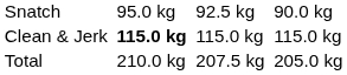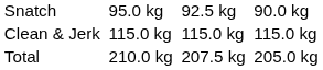 <table>
 <tr>
 <td>Snatch</td>
 <td></td>
 <td>95.0 kg</td>
 <td></td>
 <td>92.5 kg</td>
 <td></td>
 <td>90.0 kg</td>
 </tr>
 <tr>
 <td>Clean & Jerk</td>
 <td></td>
-<td><strong>115.0 kg</strong></td>
+<td>115.0 kg</td>
 <td></td>
 <td>115.0 kg</td>
 <td></td>
 <td>115.0 kg</td>
 </tr>
 <tr>
 <td>Total</td>
 <td></td>
 <td>210.0 kg</td>
 <td></td>
 <td>207.5 kg</td>
 <td></td>
 <td>205.0 kg</td>
 </tr>
 </table>
